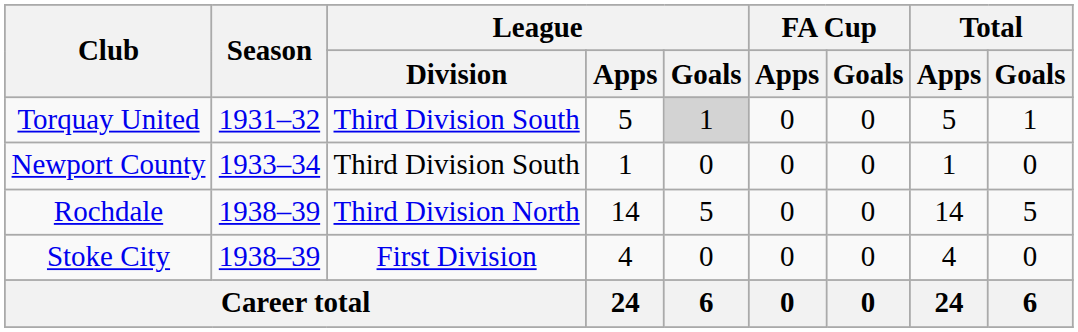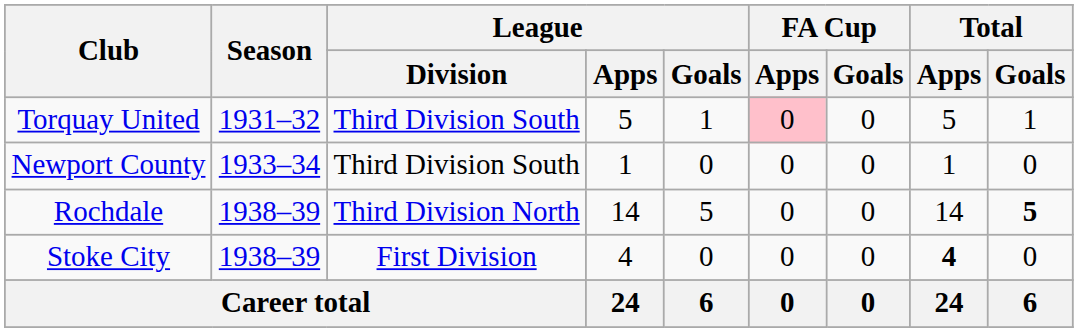 <table class="wikitable" style="text-align: center;">
 <tr>
 <th rowspan="2">Club</th>
 <th rowspan="2">Season</th>
 <th colspan="3">League</th>
 <th colspan="2">FA Cup</th>
 <th colspan="2">Total</th>
 </tr>
 <tr>
 <th>Division</th>
 <th>Apps</th>
 <th>Goals</th>
 <th>Apps</th>
 <th>Goals</th>
 <th>Apps</th>
 <th>Goals</th>
 </tr>
 <tr>
 <td><a href='#'>Torquay United</a></td>
 <td><a href='#'>1931–32</a></td>
 <td><a href='#'>Third Division South</a></td>
 <td>5</td>
-<td style="background: lightgrey;">1</td>
-<td>0</td>
+<td>1</td>
+<td style="background: pink;">0</td>
 <td>0</td>
 <td>5</td>
 <td>1</td>
 </tr>
 <tr>
 <td><a href='#'>Newport County</a></td>
 <td><a href='#'>1933–34</a></td>
 <td>Third Division South</td>
 <td>1</td>
 <td>0</td>
 <td>0</td>
 <td>0</td>
 <td>1</td>
 <td>0</td>
 </tr>
 <tr>
 <td><a href='#'>Rochdale</a></td>
 <td><a href='#'>1938–39</a></td>
 <td><a href='#'>Third Division North</a></td>
 <td>14</td>
 <td>5</td>
 <td>0</td>
 <td>0</td>
 <td>14</td>
-<td>5</td>
+<td><strong>5</strong></td>
 </tr>
 <tr>
 <td><a href='#'>Stoke City</a></td>
 <td><a href='#'>1938–39</a></td>
 <td><a href='#'>First Division</a></td>
 <td>4</td>
 <td>0</td>
 <td>0</td>
 <td>0</td>
-<td>4</td>
+<td><strong>4</strong></td>
 <td>0</td>
 </tr>
 <tr>
 <th colspan="3">Career total</th>
 <th>24</th>
 <th>6</th>
 <th>0</th>
 <th>0</th>
 <th>24</th>
 <th>6</th>
 </tr>
 </table>
